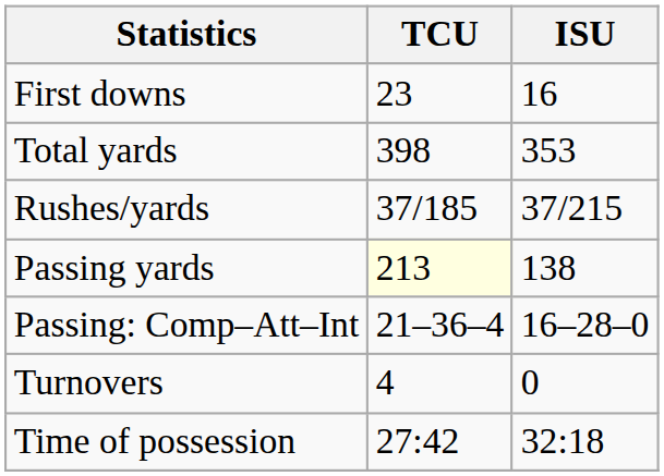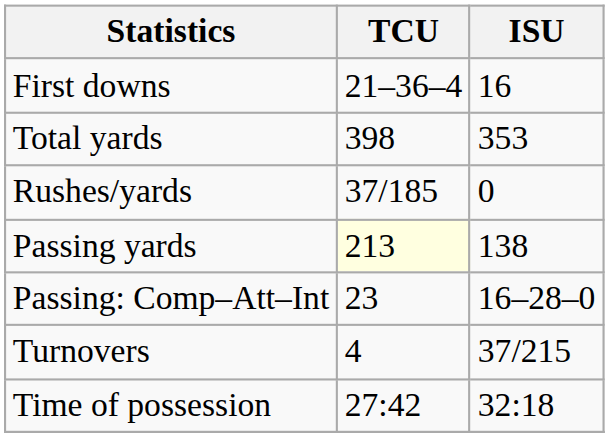 <table class="wikitable" style="float: left;">
 <tr>
 <th>Statistics</th>
 <th>TCU</th>
 <th>ISU</th>
 </tr>
 <tr>
 <td>First downs</td>
-<td>23</td>
+<td>21–36–4</td>
 <td>16</td>
 </tr>
 <tr>
 <td>Total yards</td>
 <td>398</td>
 <td>353</td>
 </tr>
 <tr>
 <td>Rushes/yards</td>
 <td>37/185</td>
-<td>37/215</td>
+<td>0</td>
 </tr>
 <tr>
 <td>Passing yards</td>
 <td style="background: lightyellow;">213</td>
 <td>138</td>
 </tr>
 <tr>
 <td>Passing: Comp–Att–Int</td>
-<td>21–36–4</td>
+<td>23</td>
 <td>16–28–0</td>
 </tr>
 <tr>
 <td>Turnovers</td>
 <td>4</td>
-<td>0</td>
+<td>37/215</td>
 </tr>
 <tr>
 <td>Time of possession</td>
 <td>27:42</td>
 <td>32:18</td>
 </tr>
 <tr>
 </tr>
 </table>
